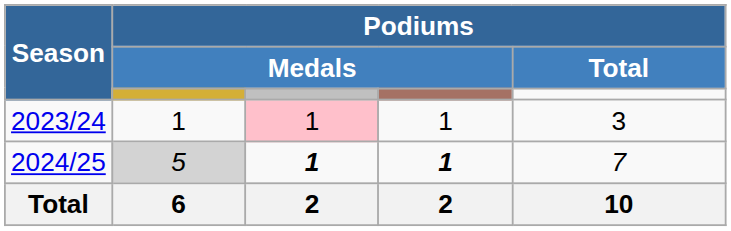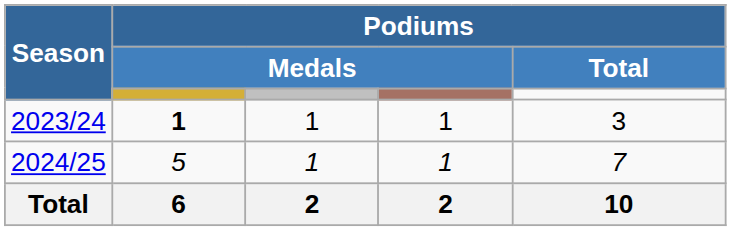 <table class="wikitable" style="font-size:90%; text-align:center; border:grey solid 1px; border-collapse:collapse;" width="20%">
 <tr style="background-color:#369; color:white;">
 <td rowspan="3" colspan="1" width="12%"><strong>Season</strong></td>
 <td colspan="10"><strong>Podiums</strong></td>
 </tr>
 <tr style="background-color:#4180be; color:white;">
 <th style="background:#4180be;" width="100" colspan="3">Medals</th>
 <th style="background:#4180be;" width="50" colspan="4">Total</th>
 </tr>
 <tr>
 <td align="center" bgcolor="#d4af37"></td>
 <td align="center" bgcolor="silver"></td>
 <td align="center" bgcolor="#a57164"></td>
 <td></td>
 </tr>
 <tr>
 <td><a href='#'>2023/24</a></td>
+<td><strong>1</strong></td>
 <td>1</td>
-<td style="background: pink;">1</td>
 <td>1</td>
 <td>3</td>
 </tr>
 <tr>
 <td><a href='#'>2024/25</a></td>
-<td style="background: lightgrey;"><em>5</em></td>
-<td><strong><em>1</em></strong></td>
-<td><strong><em>1</em></strong></td>
+<td><em>5</em></td>
+<td><em>1</em></td>
+<td><em>1</em></td>
 <td><em>7</em></td>
 </tr>
 <tr>
 <th>Total</th>
 <th>6</th>
 <th>2</th>
 <th>2</th>
 <th>10</th>
 </tr>
 </table>
